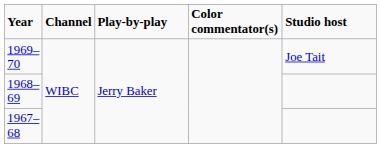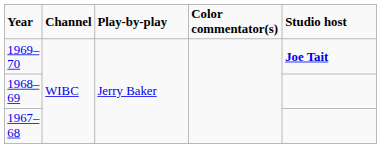 <table class="wikitable">
 <tr>
 <td width="40"><strong>Year</strong></td>
 <td width="40"><strong>Channel</strong></td>
 <td width="110"><strong>Play-by-play</strong></td>
 <td width="110"><strong>Color commentator(s)</strong></td>
 <td width="110"><strong>Studio host</strong></td>
 </tr>
 <tr>
 <td><a href='#'>1969–70</a></td>
 <td rowspan=3><a href='#'>WIBC</a></td>
 <td rowspan=3><a href='#'>Jerry Baker</a></td>
 <td rowspan=3></td>
-<td><a href='#'>Joe Tait</a></td>
+<td><strong><a href='#'>Joe Tait</a></strong></td>
 </tr>
 <tr>
 <td><a href='#'>1968–69</a></td>
 <td></td>
 </tr>
 <tr>
 <td><a href='#'>1967–68</a></td>
 <td></td>
 </tr>
 </table>
